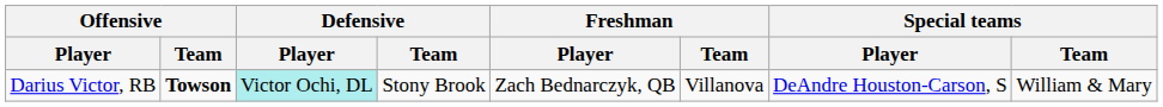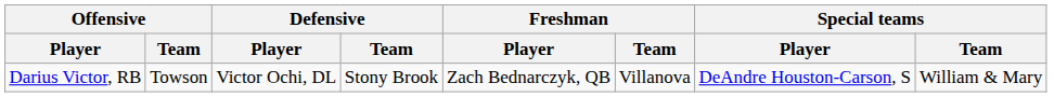 <table class="wikitable" border="1">
 <tr>
 <th colspan="2">Offensive</th>
 <th colspan="2">Defensive</th>
 <th colspan="2">Freshman</th>
 <th colspan="2">Special teams</th>
 </tr>
 <tr>
 <th>Player</th>
 <th>Team</th>
 <th>Player</th>
 <th>Team</th>
 <th>Player</th>
 <th>Team</th>
 <th>Player</th>
 <th>Team</th>
 </tr>
 <tr>
 <td><a href='#'>Darius Victor</a>, RB</td>
-<td><strong>Towson</strong></td>
-<td style="background: paleturquoise;">Victor Ochi, DL</td>
+<td>Towson</td>
+<td>Victor Ochi, DL</td>
 <td>Stony Brook</td>
 <td>Zach Bednarczyk, QB</td>
 <td>Villanova</td>
 <td><a href='#'>DeAndre Houston-Carson</a>, S</td>
 <td>William & Mary</td>
 </tr>
 </table>
